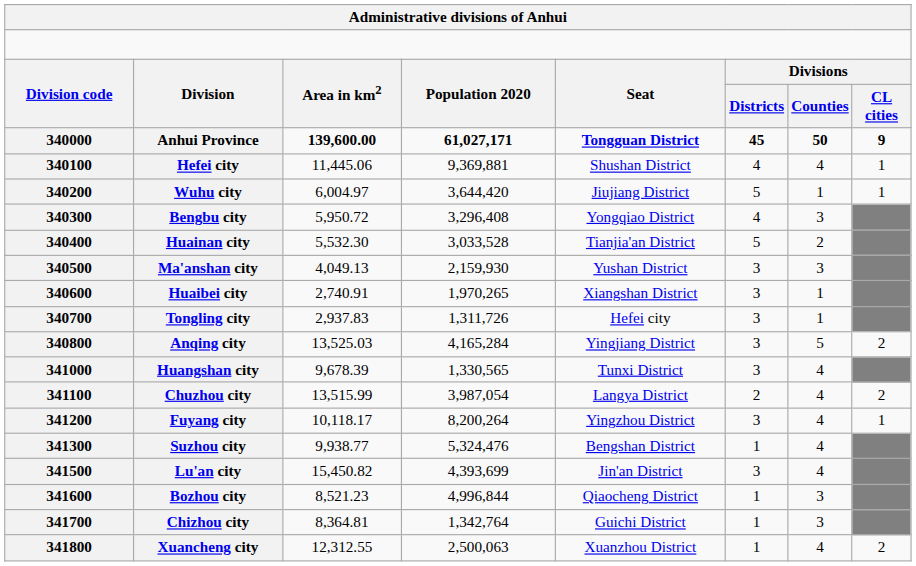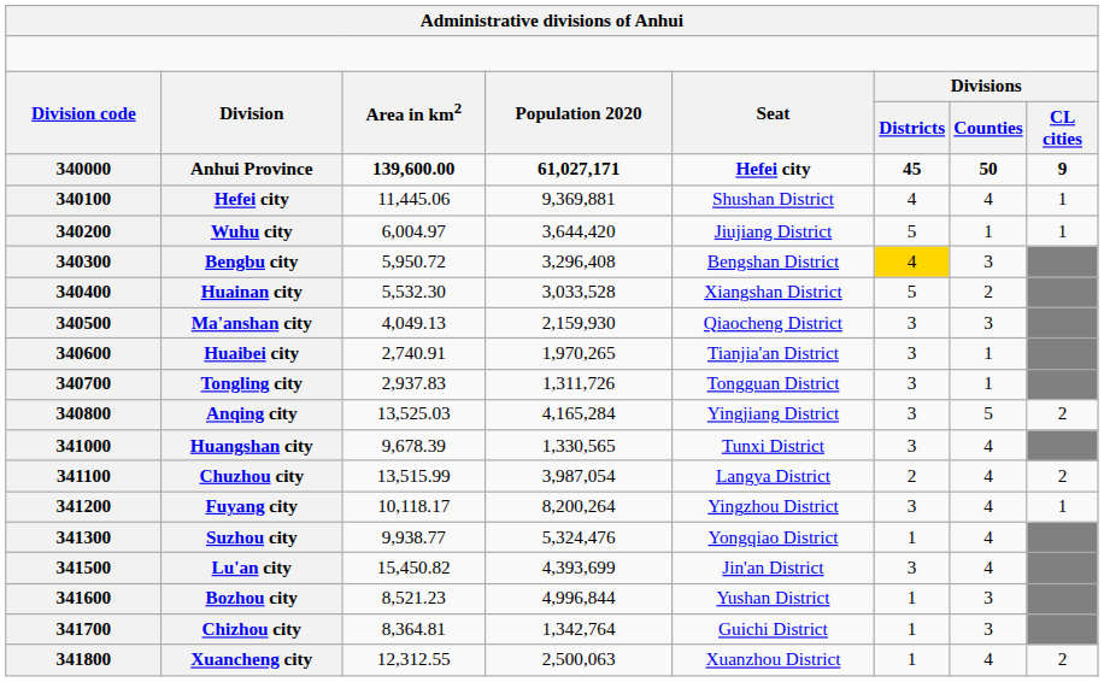 <table class="wikitable" style="margin:1em auto 1em auto; width:90%; font-size:smaller; text-align:center">
 <tr>
 <th colspan="8">Administrative divisions of Anhui</th>
 </tr>
 <tr>
 <td colspan="8" style="font-size:larger"><div><br>                  </div></td>
 </tr>
 <tr>
 <th rowspan="2" scope="col" !><a href='#'>Division code</a></th>
 <th rowspan="2" scope="col" !>Division</th>
 <th rowspan="2" scope="col" !>Area in km<sup>2</sup></th>
 <th rowspan="2" scope="col" !>Population 2020</th>
 <th rowspan="2" scope="col" !>Seat</th>
 <th colspan="3" scope="col" !>Divisions</th>
 </tr>
 <tr>
 <th scope="col" width="45" !><a href='#'>Districts</a></th>
 <th scope="col" width="45" !><a href='#'>Counties</a></th>
 <th scope="col" width="45" !><a href='#'>CL cities</a></th>
 </tr>
 <tr style="font-weight: bold">
 <th>340000</th>
 <th>Anhui Province</th>
 <td>139,600.00</td>
 <td>61,027,171</td>
-<td><a href='#'>Tongguan District</a></td>
+<td><a href='#'>Hefei</a> city</td>
 <td>45</td>
 <td>50</td>
 <td>9</td>
 </tr>
 <tr>
 <th>340100</th>
 <th><a href='#'>Hefei</a> city</th>
 <td>11,445.06</td>
 <td>9,369,881</td>
 <td><a href='#'>Shushan District</a></td>
 <td>4</td>
 <td>4</td>
 <td>1</td>
 </tr>
 <tr>
 <th>340200</th>
 <th><a href='#'>Wuhu</a> city</th>
 <td>6,004.97</td>
 <td>3,644,420</td>
 <td><a href='#'>Jiujiang District</a></td>
 <td>5</td>
 <td>1</td>
 <td>1</td>
 </tr>
 <tr>
 <th>340300</th>
 <th><a href='#'>Bengbu</a> city</th>
 <td>5,950.72</td>
 <td>3,296,408</td>
-<td><a href='#'>Yongqiao District</a></td>
-<td>4</td>
+<td><a href='#'>Bengshan District</a></td>
+<td style="background: gold;">4</td>
 <td>3</td>
 <td bgcolor="grey"></td>
 </tr>
 <tr>
 <th>340400</th>
 <th><a href='#'>Huainan</a> city</th>
 <td>5,532.30</td>
 <td>3,033,528</td>
-<td><a href='#'>Tianjia'an District</a></td>
+<td><a href='#'>Xiangshan District</a></td>
 <td>5</td>
 <td>2</td>
 <td bgcolor="grey"></td>
 </tr>
 <tr>
 <th>340500</th>
 <th><a href='#'>Ma'anshan</a> city</th>
 <td>4,049.13</td>
 <td>2,159,930</td>
-<td><a href='#'>Yushan District</a></td>
+<td><a href='#'>Qiaocheng District</a></td>
 <td>3</td>
 <td>3</td>
 <td bgcolor="grey"></td>
 </tr>
 <tr>
 <th>340600</th>
 <th><a href='#'>Huaibei</a> city</th>
 <td>2,740.91</td>
 <td>1,970,265</td>
-<td><a href='#'>Xiangshan District</a></td>
+<td><a href='#'>Tianjia'an District</a></td>
 <td>3</td>
 <td>1</td>
 <td bgcolor="grey"></td>
 </tr>
 <tr>
 <th>340700</th>
 <th><a href='#'>Tongling</a> city</th>
 <td>2,937.83</td>
 <td>1,311,726</td>
-<td><a href='#'>Hefei</a> city</td>
+<td><a href='#'>Tongguan District</a></td>
 <td>3</td>
 <td>1</td>
 <td bgcolor="grey"></td>
 </tr>
 <tr>
 <th>340800</th>
 <th><a href='#'>Anqing</a> city</th>
 <td>13,525.03</td>
 <td>4,165,284</td>
 <td><a href='#'>Yingjiang District</a></td>
 <td>3</td>
 <td>5</td>
 <td>2</td>
 </tr>
 <tr>
 <th>341000</th>
 <th><a href='#'>Huangshan</a> city</th>
 <td>9,678.39</td>
 <td>1,330,565</td>
 <td><a href='#'>Tunxi District</a></td>
 <td>3</td>
 <td>4</td>
 <td bgcolor="grey"></td>
 </tr>
 <tr>
 <th>341100</th>
 <th><a href='#'>Chuzhou</a> city</th>
 <td>13,515.99</td>
 <td>3,987,054</td>
 <td><a href='#'>Langya District</a></td>
 <td>2</td>
 <td>4</td>
 <td>2</td>
 </tr>
 <tr>
 <th>341200</th>
 <th><a href='#'>Fuyang</a> city</th>
 <td>10,118.17</td>
 <td>8,200,264</td>
 <td><a href='#'>Yingzhou District</a></td>
 <td>3</td>
 <td>4</td>
 <td>1</td>
 </tr>
 <tr>
 <th>341300</th>
 <th><a href='#'>Suzhou</a> city</th>
 <td>9,938.77</td>
 <td>5,324,476</td>
-<td><a href='#'>Bengshan District</a></td>
+<td><a href='#'>Yongqiao District</a></td>
 <td>1</td>
 <td>4</td>
 <td bgcolor="grey"></td>
 </tr>
 <tr>
 <th>341500</th>
 <th><a href='#'>Lu'an</a> city</th>
 <td>15,450.82</td>
 <td>4,393,699</td>
 <td><a href='#'>Jin'an District</a></td>
 <td>3</td>
 <td>4</td>
 <td bgcolor="grey"></td>
 </tr>
 <tr>
 <th>341600</th>
 <th><a href='#'>Bozhou</a> city</th>
 <td>8,521.23</td>
 <td>4,996,844</td>
-<td><a href='#'>Qiaocheng District</a></td>
+<td><a href='#'>Yushan District</a></td>
 <td>1</td>
 <td>3</td>
 <td bgcolor="grey"></td>
 </tr>
 <tr>
 <th>341700</th>
 <th><a href='#'>Chizhou</a> city</th>
 <td>8,364.81</td>
 <td>1,342,764</td>
 <td><a href='#'>Guichi District</a></td>
 <td>1</td>
 <td>3</td>
 <td bgcolor="grey"></td>
 </tr>
 <tr>
 <th>341800</th>
 <th><a href='#'>Xuancheng</a> city</th>
 <td>12,312.55</td>
 <td>2,500,063</td>
 <td><a href='#'>Xuanzhou District</a></td>
 <td>1</td>
 <td>4</td>
 <td>2</td>
 </tr>
 </table>
